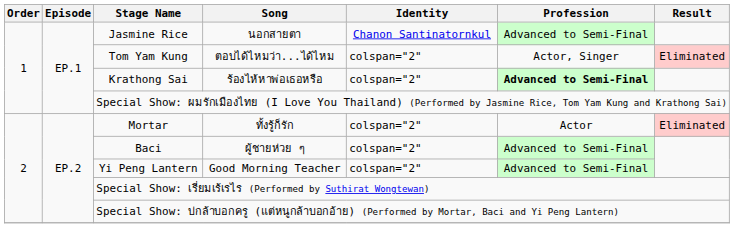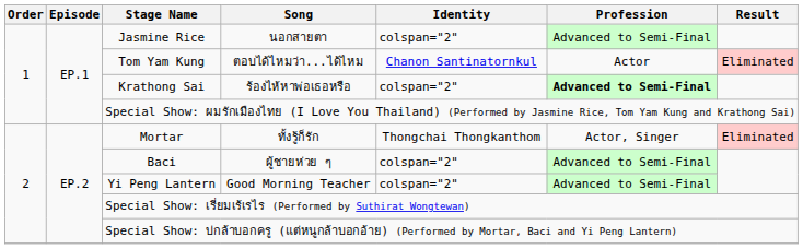 <table class="wikitable">
 <tr>
 <th>Order</th>
 <th>Episode</th>
 <th>Stage Name</th>
 <th>Song</th>
 <th>Identity</th>
 <th>Profession</th>
 <th>Result</th>
 </tr>
 <tr>
 <td rowspan="4" align="center">1</td>
 <td rowspan="4" align="center">EP.1</td>
 <td style="text-align:center;">Jasmine Rice</td>
 <td style="text-align:center;">นอกสายตา</td>
-<td style="text-align:center;"><a href='#'>Chanon Santinatornkul</a></td>
+<td>colspan="2" </td>
 <td style="text-align:center; background:#ccffcc;">Advanced to Semi-Final</td>
 </tr>
 <tr>
 <td style="text-align:center;">Tom Yam Kung</td>
 <td style="text-align:center;">ตอบได้ไหมว่า...ได้ไหม</td>
-<td>colspan="2" </td>
-<td style="text-align:center;">Actor, Singer</td>
+<td style="text-align:center;"><a href='#'>Chanon Santinatornkul</a></td>
+<td style="text-align:center;">Actor</td>
 <td style="text-align:center; background:#ffcccc;">Eliminated</td>
 </tr>
 <tr>
 <td style="text-align:center;">Krathong Sai</td>
 <td style="text-align:center;">ร้องไห้หาพ่อเธอหรือ</td>
 <td>colspan="2" </td>
 <td style="text-align:center; background:#ccffcc;"><strong>Advanced to Semi-Final</strong></td>
 </tr>
 <tr>
 <td colspan="5">Special Show: ผมรักเมืองไทย (I Love You Thailand) <small>(Performed by Jasmine Rice, Tom Yam Kung and Krathong Sai)</small></td>
 </tr>
 <tr>
 <td rowspan="5" align="center">2</td>
 <td rowspan="5" align="center">EP.2</td>
 <td style="text-align:center;">Mortar</td>
 <td style="text-align:center;">ทั้งรู้ก็รัก</td>
-<td>colspan="2" </td>
-<td style="text-align:center;">Actor</td>
+<td style="text-align:center;">Thongchai Thongkanthom</td>
+<td style="text-align:center;">Actor, Singer</td>
 <td style="text-align:center; background:#ffcccc;">Eliminated</td>
 </tr>
 <tr>
 <td style="text-align:center;">Baci</td>
 <td style="text-align:center;">ผู้ชายห่วย ๆ</td>
 <td>colspan="2" </td>
 <td style="text-align:center; background:#ccffcc;">Advanced to Semi-Final</td>
 </tr>
 <tr>
 <td style="text-align:center;">Yi Peng Lantern</td>
 <td style="text-align:center;">Good Morning Teacher</td>
 <td>colspan="2" </td>
 <td style="text-align:center; background:#ccffcc;">Advanced to Semi-Final</td>
 </tr>
 <tr>
 <td colspan="5">Special Show: เรี่ยมเร้เรไร <small>(Performed by <a href='#'>Suthirat Wongtewan</a>)</small></td>
 </tr>
 <tr>
 <td colspan="5">Special Show: บ่กล้าบอกครู (แต่หนูกล้าบอกอ้าย) <small>(Performed by Mortar, Baci and Yi Peng Lantern)</small></td>
 </tr>
 <tr>
 </tr>
 </table>
